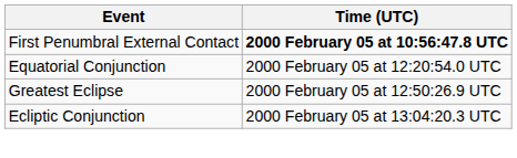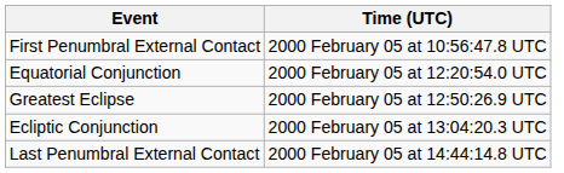 <table class="wikitable">
 <tr>
 <th>Event</th>
 <th>Time (UTC)</th>
 </tr>
 <tr>
 <td>First Penumbral External Contact</td>
-<td><strong>2000 February 05 at 10:56:47.8 UTC</strong></td>
+<td>2000 February 05 at 10:56:47.8 UTC</td>
 </tr>
 <tr>
 <td>Equatorial Conjunction</td>
 <td>2000 February 05 at 12:20:54.0 UTC</td>
 </tr>
 <tr>
 <td>Greatest Eclipse</td>
 <td>2000 February 05 at 12:50:26.9 UTC</td>
 </tr>
 <tr>
 <td>Ecliptic Conjunction</td>
 <td>2000 February 05 at 13:04:20.3 UTC</td>
 </tr>
+<tr>
+<td>Last Penumbral External Contact</td>
+<td>2000 February 05 at 14:44:14.8 UTC</td>
+</tr>
 </table>
